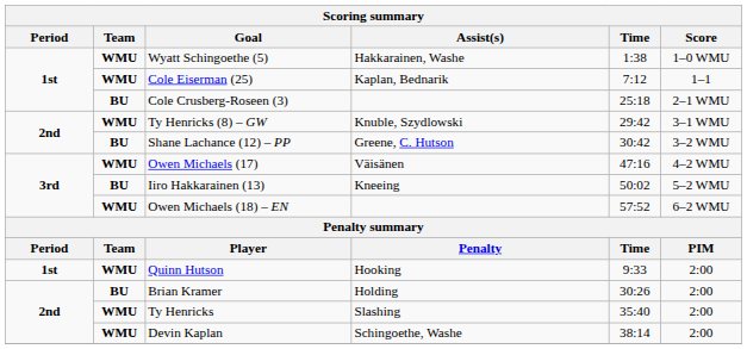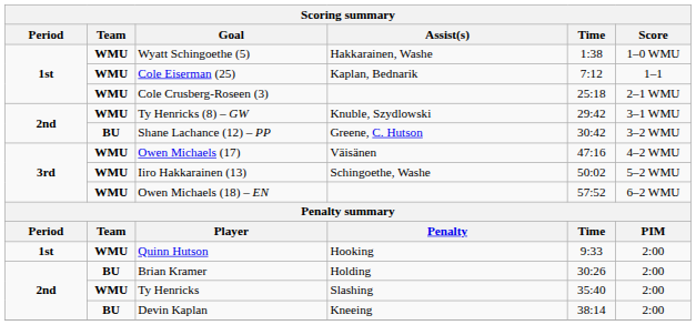 <table style="width:100%;" class="wikitable">
 <tr>
 <th colspan=6>Scoring summary</th>
 </tr>
 <tr>
 <th style="width:12%;">Period</th>
 <th style="width:7%;">Team</th>
 <th style="width:28%;">Goal</th>
 <th style="width:35%;">Assist(s)</th>
 <th style="width:7%;">Time</th>
 <th style="width:11%;">Score</th>
 </tr>
 <tr>
 <td style="text-align:center;" rowspan="3"><strong>1st</strong></td>
 <td align=center><strong>WMU</strong></td>
 <td>Wyatt Schingoethe (5)</td>
 <td>Hakkarainen, Washe</td>
 <td align=center>1:38</td>
 <td align=center>1–0 WMU</td>
 </tr>
 <tr>
 <td align=center><strong>WMU</strong></td>
 <td><a href='#'>Cole Eiserman</a> (25)</td>
 <td>Kaplan, Bednarik</td>
 <td align=center>7:12</td>
 <td align=center>1–1</td>
 </tr>
 <tr>
-<td align=center><strong>BU</strong></td>
+<td align=center><strong>WMU</strong></td>
 <td>Cole Crusberg-Roseen (3)</td>
 <td></td>
 <td align=center>25:18</td>
 <td align=center>2–1 WMU</td>
 </tr>
 <tr>
 <td style="text-align:center;" rowspan="2"><strong>2nd</strong></td>
 <td align=center><strong>WMU</strong></td>
 <td>Ty Henricks (8) – <em>GW</em></td>
 <td>Knuble, Szydlowski</td>
 <td align=center>29:42</td>
 <td align=center>3–1 WMU</td>
 </tr>
 <tr>
 <td align=center><strong>BU</strong></td>
 <td>Shane Lachance (12) – <em>PP</em></td>
 <td>Greene, <a href='#'>C. Hutson</a></td>
 <td align=center>30:42</td>
 <td align=center>3–2 WMU</td>
 </tr>
 <tr>
 <td style="text-align:center;" rowspan="3"><strong>3rd</strong></td>
 <td align=center><strong>WMU</strong></td>
 <td><a href='#'>Owen Michaels</a> (17)</td>
 <td>Väisänen</td>
 <td align=center>47:16</td>
 <td align=center>4–2 WMU</td>
 </tr>
 <tr>
-<td align=center><strong>BU</strong></td>
+<td align=center><strong>WMU</strong></td>
 <td>Iiro Hakkarainen (13)</td>
-<td>Kneeing</td>
+<td>Schingoethe, Washe</td>
 <td align=center>50:02</td>
 <td align=center>5–2 WMU</td>
 </tr>
 <tr>
 <td align=center><strong>WMU</strong></td>
 <td>Owen Michaels (18) – <em>EN</em></td>
 <td></td>
 <td align=center>57:52</td>
 <td align=center>6–2 WMU</td>
 </tr>
 <tr>
 <th colspan=6>Penalty summary</th>
 </tr>
 <tr>
 <th style="width:12%;">Period</th>
 <th style="width:7%;">Team</th>
 <th style="width:28%;">Player</th>
 <th style="width:35%;"><a href='#'>Penalty</a></th>
 <th style="width:7%;">Time</th>
 <th style="width:11%;">PIM</th>
 </tr>
 <tr>
 <td style="text-align:center;" rowspan="1"><strong>1st</strong></td>
 <td align=center><strong>WMU</strong></td>
 <td><a href='#'>Quinn Hutson</a></td>
 <td>Hooking</td>
 <td align=center>9:33</td>
 <td align=center>2:00</td>
 </tr>
 <tr>
 <td style="text-align:center;" rowspan="3"><strong>2nd</strong></td>
 <td align=center><strong>BU</strong></td>
 <td>Brian Kramer</td>
 <td>Holding</td>
 <td align=center>30:26</td>
 <td align=center>2:00</td>
 </tr>
 <tr>
 <td align=center><strong>WMU</strong></td>
 <td>Ty Henricks</td>
 <td>Slashing</td>
 <td align=center>35:40</td>
 <td align=center>2:00</td>
 </tr>
 <tr>
-<td align=center><strong>WMU</strong></td>
+<td align=center><strong>BU</strong></td>
 <td>Devin Kaplan</td>
-<td>Schingoethe, Washe</td>
+<td>Kneeing</td>
 <td align=center>38:14</td>
 <td align=center>2:00</td>
 </tr>
 <tr>
 </tr>
 </table>
